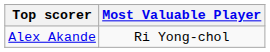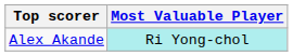 <table class="wikitable" style="margin: 0 auto;">
 <tr>
 <th>Top scorer</th>
 <th><a href='#'>Most Valuable Player</a></th>
 </tr>
 <tr>
 <td align=center> <a href='#'>Alex Akande</a></td>
-<td align=center> Ri Yong-chol</td>
+<td align=center style="background: paleturquoise;"> Ri Yong-chol</td>
 </tr>
 </table>
